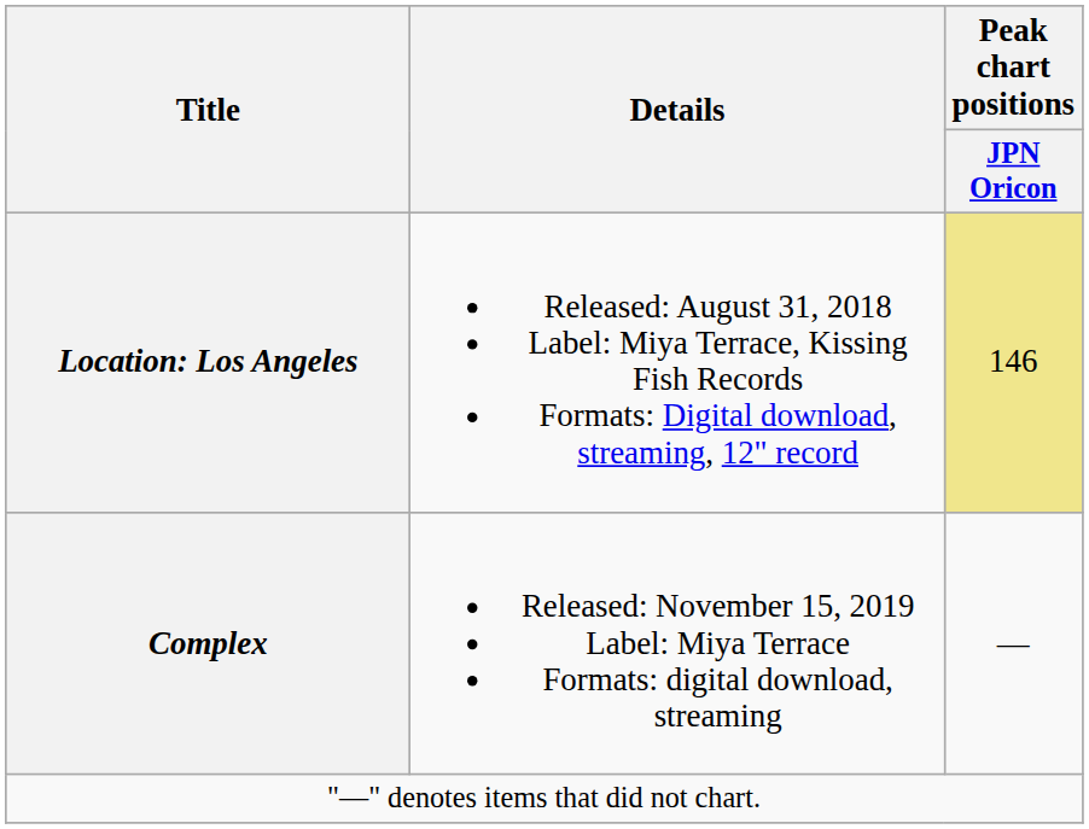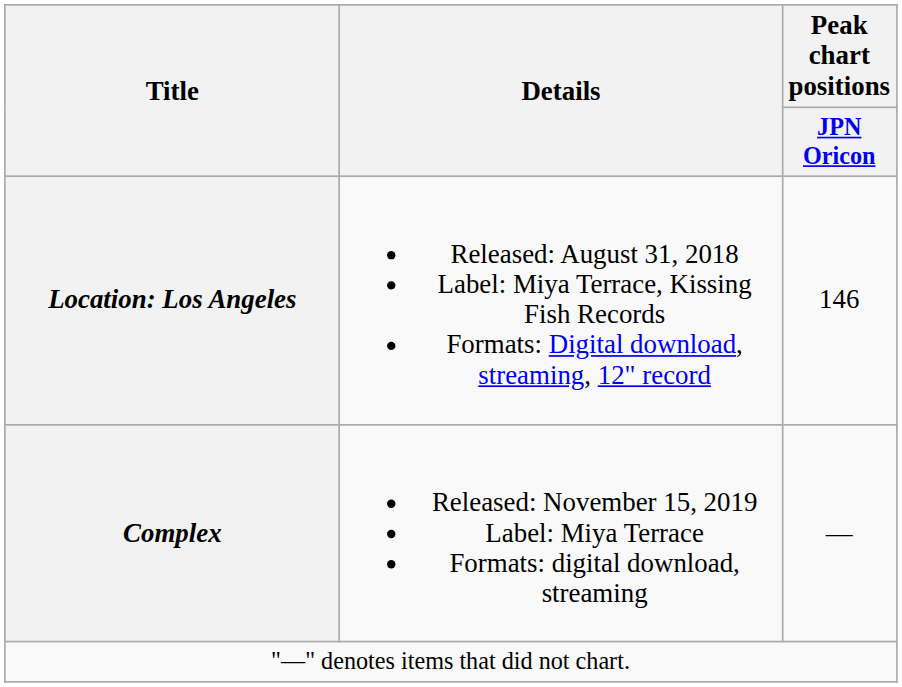 <table class="wikitable plainrowheaders" style="text-align:center;">
 <tr>
 <th scope="col" rowspan="2" style="width:12em;">Title</th>
 <th scope="col" rowspan="2" style="width:16em;">Details</th>
 <th scope="col" colspan="1">Peak chart positions</th>
 </tr>
 <tr>
 <th scope="col" style="width:3em;font-size:90%;"><a href='#'>JPN<br>Oricon</a><br></th>
 </tr>
 <tr>
 <th scope="row"><em>Location: Los Angeles</em></th>
 <td><br><ul><li>Released: August 31, 2018</li><li>Label: Miya Terrace, Kissing Fish Records</li><li>Formats: <a href='#'>Digital download</a>, <a href='#'>streaming</a>, <a href='#'>12" record</a></li></ul></td>
-<td style="background: khaki;">146</td>
+<td>146</td>
 </tr>
 <tr>
 <th scope="row"><em>Complex</em></th>
 <td><br><ul><li>Released: November 15, 2019</li><li>Label: Miya Terrace</li><li>Formats: digital download, streaming</li></ul></td>
 <td>—</td>
 </tr>
 <tr>
 <td colspan="12" align="center" style="font-size:90%;">"—" denotes items that did not chart.</td>
 </tr>
 </table>
